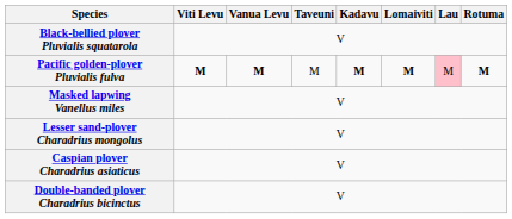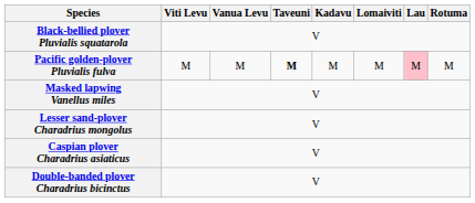 <table class="wikitable" style="text-align:center">
 <tr>
 <th width="225">Species</th>
 <th>Viti Levu</th>
 <th>Vanua Levu</th>
 <th>Taveuni</th>
 <th>Kadavu</th>
 <th>Lomaiviti</th>
 <th>Lau</th>
 <th>Rotuma</th>
 </tr>
 <tr>
 <th><a href='#'>Black-bellied plover</a><br><em>Pluvialis squatarola</em></th>
 <td colspan="8" align="center">V</td>
 </tr>
 <tr>
 <th><a href='#'>Pacific golden-plover</a><br><em>Pluvialis fulva</em></th>
-<td><strong>M</strong></td>
+<td>M</td>
+<td>M</td>
 <td><strong>M</strong></td>
 <td>M</td>
-<td><strong>M</strong></td>
-<td><strong>M</strong></td>
+<td>M</td>
 <td style="background: pink;">M</td>
-<td><strong>M</strong></td>
+<td>M</td>
 </tr>
 <tr>
 <th><a href='#'>Masked lapwing</a><br><em>Vanellus miles</em></th>
 <td colspan="8" align="center">V</td>
 </tr>
 <tr>
 <th><a href='#'>Lesser sand-plover</a><br><em>Charadrius mongolus</em></th>
 <td colspan="8" align="center">V</td>
 </tr>
 <tr>
 <th><a href='#'>Caspian plover</a><br><em>Charadrius asiaticus</em></th>
 <td colspan="8" align="center">V</td>
 </tr>
 <tr>
 <th><a href='#'>Double-banded plover</a><br><em>Charadrius bicinctus</em></th>
 <td colspan="8" align="center">V</td>
 </tr>
 </table>
